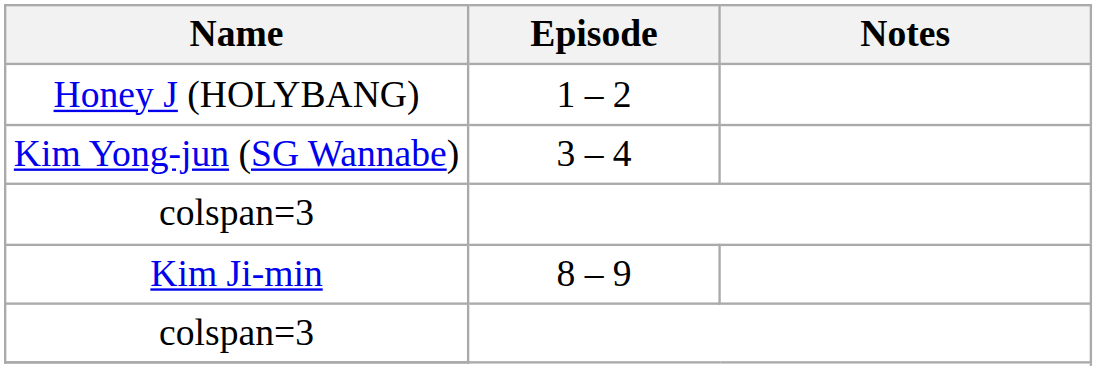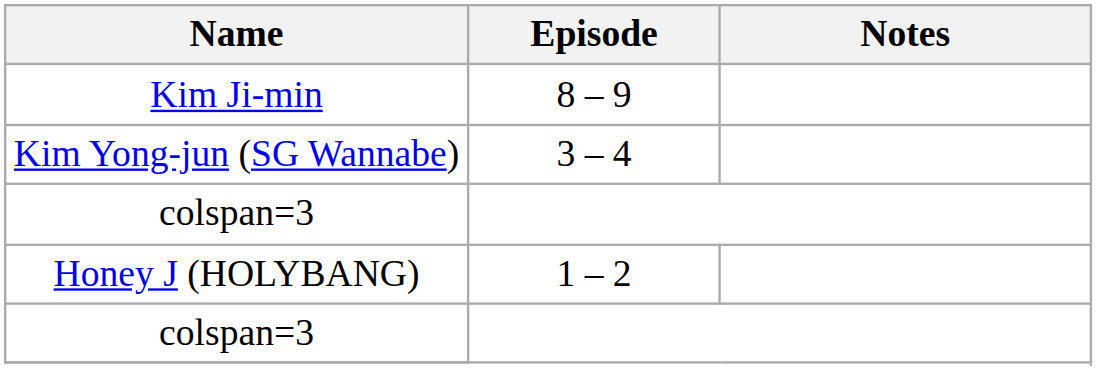 <table class="wikitable" style=text-align:center;background:#ffffff>
 <tr>
 <th>Name</th>
 <th style=width:100px>Episode</th>
 <th style=width:150px>Notes</th>
 </tr>
 <tr>
-<td><a href='#'>Honey J</a> (HOLYBANG)</td>
-<td>1 – 2</td>
+<td><a href='#'>Kim Ji-min</a></td>
+<td>8 – 9</td>
 <td></td>
 </tr>
 <tr>
 <td><a href='#'>Kim Yong-jun</a> (<a href='#'>SG Wannabe</a>)</td>
 <td>3 – 4</td>
 <td></td>
 </tr>
 <tr>
 <td>colspan=3 </td>
 </tr>
 <tr>
-<td><a href='#'>Kim Ji-min</a></td>
-<td>8 – 9</td>
+<td><a href='#'>Honey J</a> (HOLYBANG)</td>
+<td>1 – 2</td>
 <td></td>
 </tr>
 <tr>
 <td>colspan=3 </td>
 </tr>
 <tr>
 </tr>
 </table>
